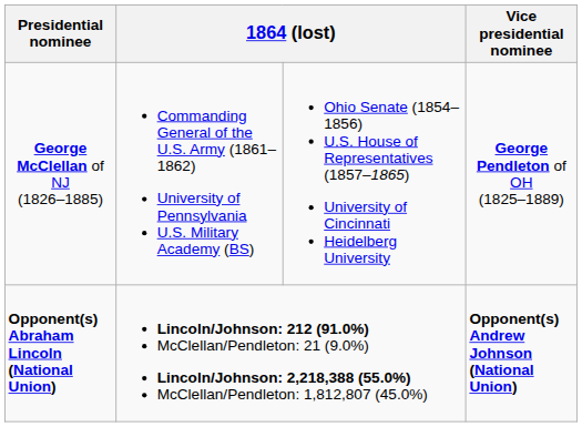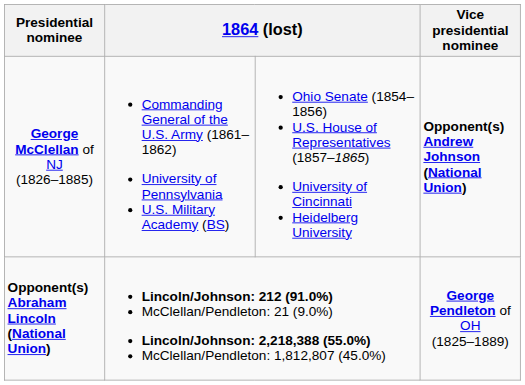 <table class="wikitable">
 <tr>
 <th width=190>Presidential<br>nominee</th>
 <th colspan=2><big><a href='#'>1864</a> (lost)</big></th>
 <th width=190>Vice presidential<br>nominee</th>
 </tr>
 <tr>
 <td style="text-align:center;"><strong><a href='#'>George McClellan</a></strong> of <a href='#'>NJ</a><br>(1826–1885)<br></td>
 <td width=350><br><ul><li><a href='#'>Commanding General of the U.S. Army</a> (1861–1862)</li></ul><ul><li><a href='#'>University of Pennsylvania</a></li><li><a href='#'>U.S. Military Academy</a> (<a href='#'>BS</a>)</li></ul></td>
 <td width=350><br><ul><li><a href='#'>Ohio Senate</a> (1854–1856)</li><li><a href='#'>U.S. House of Representatives</a> (1857–<em>1865</em>)</li></ul><ul><li><a href='#'>University of Cincinnati</a></li><li><a href='#'>Heidelberg University</a></li></ul></td>
-<td style="text-align:center;"><strong><a href='#'>George Pendleton</a></strong> of <a href='#'>OH</a><br>(1825–1889)<br></td>
+<td><strong>Opponent(s)</strong><br><strong><a href='#'>Andrew Johnson</a> (<a href='#'>National Union</a>)</strong></td>
 </tr>
 <tr>
 <td><strong>Opponent(s)</strong><br><strong><a href='#'>Abraham Lincoln</a> (<a href='#'>National Union</a>)</strong></td>
 <td colspan=2><br><ul><li><strong>Lincoln/Johnson: 212 (91.0%)</strong></li><li>McClellan/Pendleton: 21 (9.0%)</li></ul><ul><li><strong>Lincoln/Johnson: 2,218,388 (55.0%)</strong></li><li>McClellan/Pendleton: 1,812,807 (45.0%)</li></ul></td>
-<td><strong>Opponent(s)</strong><br><strong><a href='#'>Andrew Johnson</a> (<a href='#'>National Union</a>)</strong></td>
+<td style="text-align:center;"><strong><a href='#'>George Pendleton</a></strong> of <a href='#'>OH</a><br>(1825–1889)<br></td>
 </tr>
 </table>
